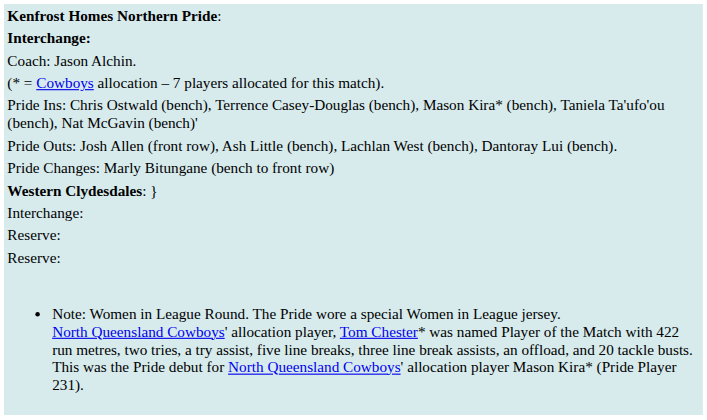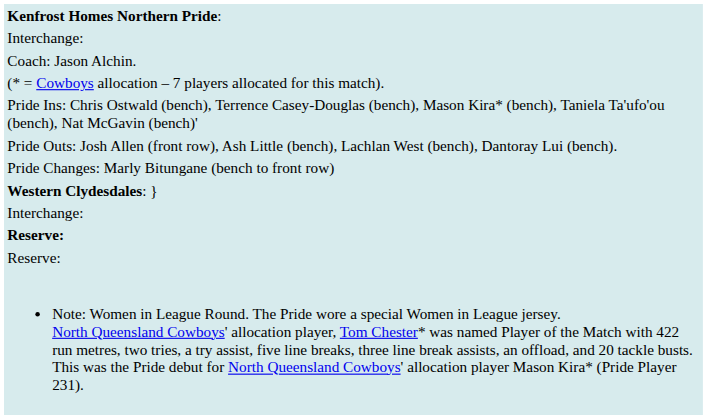 <table style="background:#d7ebed; font-size:85%; width:100%;">
 <tr>
 <td><strong>Kenfrost Homes Northern Pride</strong>:             </td>
 </tr>
 <tr>
-<td><strong>Interchange:    </strong></td>
+<td>Interchange:    </td>
 </tr>
 <tr>
 <td>Coach: Jason Alchin.</td>
 </tr>
 <tr>
 <td>(* = <a href='#'>Cowboys</a> allocation – 7 players allocated for this match).</td>
 </tr>
 <tr>
 <td>Pride Ins: Chris Ostwald (bench), Terrence Casey-Douglas (bench), Mason Kira* (bench), Taniela Ta'ufo'ou (bench), Nat McGavin (bench)'</td>
 </tr>
 <tr>
 <td>Pride Outs: Josh Allen (front row), Ash Little (bench), Lachlan West (bench), Dantoray Lui (bench).</td>
 </tr>
 <tr>
 <td>Pride Changes: Marly Bitungane (bench to front row)</td>
 </tr>
 <tr>
 <td><strong>Western Clydesdales</strong>:        }     </td>
 </tr>
 <tr>
 <td>Interchange:    </td>
 </tr>
 <tr>
-<td>Reserve: </td>
+<td><strong>Reserve: </strong></td>
 </tr>
 <tr>
 <td>Reserve: </td>
 </tr>
 <tr>
 <td><br><ul><li>Note: Women in League Round. The Pride wore a special Women in League jersey.<br><a href='#'>North Queensland Cowboys</a>' allocation player, <a href='#'>Tom Chester</a>* was named Player of the Match with 422 run metres, two tries, a try assist, five line breaks, three line break assists, an offload, and 20 tackle busts.<br>This was the Pride debut for <a href='#'>North Queensland Cowboys</a>' allocation player Mason Kira* (Pride Player 231).</li></ul></td>
 </tr>
 <tr>
 </tr>
 </table>
